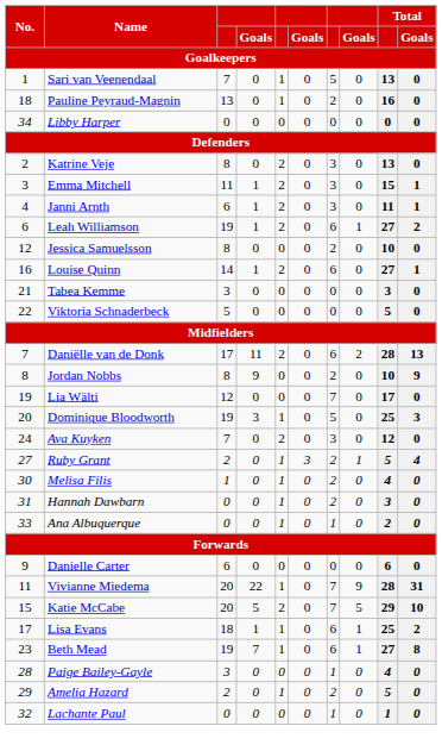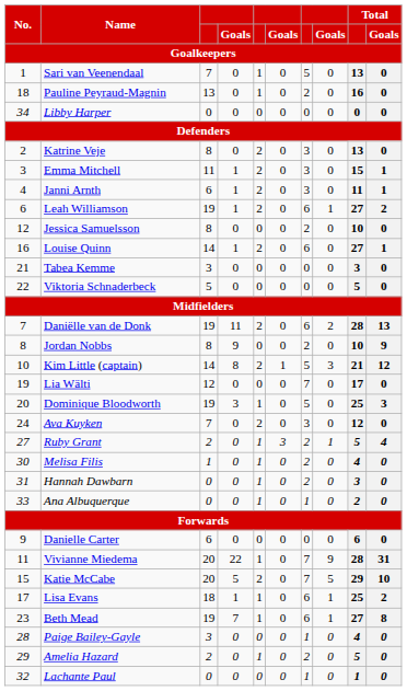 <table class="wikitable" style="text-align:center; font-size:100%; ">
 <tr>
 <th style="background:#d50000; color:white; text-align:center; width:40px" rowspan="2">No.</th>
 <th style="background:#d50000; color:white; text-align:center;width:200px" rowspan="2">Name</th>
 <th style="background:#d50000; color:white; text-align:center;" colspan="2"><a href='#'></a></th>
 <th style="background:#d50000; color:white; text-align:center;" colspan="2"><a href='#'></a></th>
 <th style="background:#d50000; color:white; text-align:center;" colspan="2"><a href='#'></a></th>
 <th style="background:#d50000; color:white; text-align:center;" colspan="2">Total</th>
 </tr>
 <tr>
 <th style="background:#d50000; color:white; text-align:center;width=50px"></th>
 <th style="background:#d50000; color:white; text-align:center;width=50px">Goals</th>
 <th style="background:#d50000; color:white; text-align:center;width=50px"></th>
 <th style="background:#d50000; color:white; text-align:center;width=50px">Goals</th>
 <th style="background:#d50000; color:white; text-align:center;width=50px"></th>
 <th style="background:#d50000; color:white; text-align:center;width=50px">Goals</th>
 <th style="background:#d50000; color:white; text-align:center;width=50px"></th>
 <th style="background:#d50000; color:white; text-align:center;width=50px">Goals</th>
 </tr>
 <tr>
 <th colspan="10" style="background:#d50000; color:white; text-align:center">Goalkeepers</th>
 </tr>
 <tr>
 <td>1</td>
 <td style="text-align: left"> <a href='#'>Sari van Veenendaal</a></td>
 <td>7</td>
 <td>0</td>
 <td>1</td>
 <td>0</td>
 <td>5</td>
 <td>0</td>
 <th>13</th>
 <th>0</th>
 </tr>
 <tr>
 <td>18</td>
 <td style="text-align: left"> <a href='#'>Pauline Peyraud-Magnin</a></td>
 <td>13</td>
 <td>0</td>
 <td>1</td>
 <td>0</td>
 <td>2</td>
 <td>0</td>
 <th>16</th>
 <th>0</th>
 </tr>
 <tr>
 <td><em>34</em></td>
 <td style="text-align: left"> <em><a href='#'>Libby Harper</a></em></td>
 <td>0</td>
 <td>0</td>
 <td>0</td>
 <td>0</td>
 <td>0</td>
 <td>0</td>
 <th>0</th>
 <th>0</th>
 </tr>
 <tr>
 <th colspan="10" style="background:#d50000; color:white; text-align:center">Defenders</th>
 </tr>
 <tr>
 <td>2</td>
 <td style="text-align: left"> <a href='#'>Katrine Veje</a></td>
 <td>8</td>
 <td>0</td>
 <td>2</td>
 <td>0</td>
 <td>3</td>
 <td>0</td>
 <th>13</th>
 <th>0</th>
 </tr>
 <tr>
 <td>3</td>
 <td style="text-align: left"> <a href='#'>Emma Mitchell</a></td>
 <td>11</td>
 <td>1</td>
 <td>2</td>
 <td>0</td>
 <td>3</td>
 <td>0</td>
 <th>15</th>
 <th>1</th>
 </tr>
 <tr>
 <td>4</td>
 <td style="text-align: left"> <a href='#'>Janni Arnth</a></td>
 <td>6</td>
 <td>1</td>
 <td>2</td>
 <td>0</td>
 <td>3</td>
 <td>0</td>
 <th>11</th>
 <th>1</th>
 </tr>
 <tr>
 <td>6</td>
 <td style="text-align: left"> <a href='#'>Leah Williamson</a></td>
 <td>19</td>
 <td>1</td>
 <td>2</td>
 <td>0</td>
 <td>6</td>
 <td>1</td>
 <th>27</th>
 <th>2</th>
 </tr>
 <tr>
 <td>12</td>
 <td style="text-align: left"> <a href='#'>Jessica Samuelsson</a></td>
 <td>8</td>
 <td>0</td>
 <td>0</td>
 <td>0</td>
 <td>2</td>
 <td>0</td>
 <th>10</th>
 <th>0</th>
 </tr>
 <tr>
 <td>16</td>
 <td style="text-align: left"> <a href='#'>Louise Quinn</a></td>
 <td>14</td>
 <td>1</td>
 <td>2</td>
 <td>0</td>
 <td>6</td>
 <td>0</td>
 <th>27</th>
 <th>1</th>
 </tr>
 <tr>
 <td>21</td>
 <td style="text-align: left"> <a href='#'>Tabea Kemme</a></td>
 <td>3</td>
 <td>0</td>
 <td>0</td>
 <td>0</td>
 <td>0</td>
 <td>0</td>
 <th>3</th>
 <th>0</th>
 </tr>
 <tr>
 <td>22</td>
 <td style="text-align: left"> <a href='#'>Viktoria Schnaderbeck</a></td>
 <td>5</td>
 <td>0</td>
 <td>0</td>
 <td>0</td>
 <td>0</td>
 <td>0</td>
 <th>5</th>
 <th>0</th>
 </tr>
 <tr>
 <th colspan="10" style="background:#d50000; color:white; text-align:center">Midfielders</th>
 </tr>
 <tr>
 <td>7</td>
 <td style="text-align: left"> <a href='#'>Daniëlle van de Donk</a></td>
-<td>17</td>
+<td>19</td>
 <td>11</td>
 <td>2</td>
 <td>0</td>
 <td>6</td>
 <td>2</td>
 <th>28</th>
 <th>13</th>
 </tr>
 <tr>
 <td>8</td>
 <td style="text-align: left"> <a href='#'>Jordan Nobbs</a></td>
 <td>8</td>
 <td>9</td>
 <td>0</td>
 <td>0</td>
 <td>2</td>
 <td>0</td>
 <th>10</th>
 <th>9</th>
+</tr>
+<tr>
+<td>10</td>
+<td style="text-align: left"> <a href='#'>Kim Little</a> (<a href='#'>captain</a>)</td>
+<td>14</td>
+<td>8</td>
+<td>2</td>
+<td>1</td>
+<td>5</td>
+<td>3</td>
+<th>21</th>
+<th>12</th>
 </tr>
 <tr>
 <td>19</td>
 <td style="text-align: left"> <a href='#'>Lia Wälti</a></td>
 <td>12</td>
 <td>0</td>
 <td>0</td>
 <td>0</td>
 <td>7</td>
 <td>0</td>
 <th>17</th>
 <th>0</th>
 </tr>
 <tr>
 <td>20</td>
 <td style="text-align: left"> <a href='#'>Dominique Bloodworth</a></td>
 <td>19</td>
 <td>3</td>
 <td>1</td>
 <td>0</td>
 <td>5</td>
 <td>0</td>
 <th>25</th>
 <th>3</th>
 </tr>
 <tr>
 <td>24</td>
 <td style="text-align: left"> <em><a href='#'>Ava Kuyken</a></em></td>
 <td>7</td>
 <td>0</td>
 <td>2</td>
 <td>0</td>
 <td>3</td>
 <td>0</td>
 <th>12</th>
 <th>0</th>
 </tr>
 <tr>
 <td><em>27</em></td>
 <td style="text-align: left"> <em><a href='#'>Ruby Grant</a></em></td>
 <td><em>2</em></td>
 <td><em>0</em></td>
 <td><em>1</em></td>
 <td><em>3</em></td>
 <td><em>2</em></td>
 <td><em>1</em></td>
 <th><em>5</em></th>
 <th><em>4</em></th>
 </tr>
 <tr>
 <td><em>30</em></td>
 <td style="text-align: left"> <em><a href='#'>Melisa Filis</a></em></td>
 <td><em>1</em></td>
 <td><em>0</em></td>
 <td><em>1</em></td>
 <td><em>0</em></td>
 <td><em>2</em></td>
 <td><em>0</em></td>
 <th><em>4</em></th>
 <th><em>0</em></th>
 </tr>
 <tr>
 <td><em>31</em></td>
 <td style="text-align: left"> <em>Hannah Dawbarn</em></td>
 <td><em>0</em></td>
 <td><em>0</em></td>
 <td><em>1</em></td>
 <td><em>0</em></td>
 <td><em>2</em></td>
 <td><em>0</em></td>
 <th><em>3</em></th>
 <th><em>0</em></th>
 </tr>
 <tr>
 <td><em>33</em></td>
 <td style="text-align: left"> <em>Ana Albuquerque</em></td>
 <td><em>0</em></td>
 <td><em>0</em></td>
 <td><em>1</em></td>
 <td><em>0</em></td>
 <td><em>1</em></td>
 <td><em>0</em></td>
 <th><em>2</em></th>
 <th><em>0</em></th>
 </tr>
 <tr>
 <th colspan="10" style="background:#d50000; color:white; text-align:center">Forwards</th>
 </tr>
 <tr>
 <td>9</td>
 <td style="text-align: left"> <a href='#'>Danielle Carter</a></td>
 <td>6</td>
 <td>0</td>
 <td>0</td>
 <td>0</td>
 <td>0</td>
 <td>0</td>
 <th>6</th>
 <th>0</th>
 </tr>
 <tr>
 <td>11</td>
 <td style="text-align: left"> <a href='#'>Vivianne Miedema</a></td>
 <td>20</td>
 <td>22</td>
 <td>1</td>
 <td>0</td>
 <td>7</td>
 <td>9</td>
 <th>28</th>
 <th>31</th>
 </tr>
 <tr>
 <td>15</td>
 <td style="text-align: left"> <a href='#'>Katie McCabe</a></td>
 <td>20</td>
 <td>5</td>
 <td>2</td>
 <td>0</td>
 <td>7</td>
 <td>5</td>
 <th>29</th>
 <th>10</th>
 </tr>
 <tr>
 <td>17</td>
 <td style="text-align: left"> <a href='#'>Lisa Evans</a></td>
 <td>18</td>
 <td>1</td>
 <td>1</td>
 <td>0</td>
 <td>6</td>
 <td>1</td>
 <th>25</th>
 <th>2</th>
 </tr>
 <tr>
 <td>23</td>
 <td style="text-align: left"> <a href='#'>Beth Mead</a></td>
 <td>19</td>
 <td>7</td>
 <td>1</td>
 <td>0</td>
 <td>6</td>
 <td>1</td>
 <th>27</th>
 <th>8</th>
 </tr>
 <tr>
 <td><em>28</em></td>
 <td style="text-align: left"> <em><a href='#'>Paige Bailey-Gayle</a></em></td>
 <td><em>3</em></td>
 <td><em>0</em></td>
 <td><em>0</em></td>
 <td><em>0</em></td>
 <td><em>1</em></td>
 <td><em>0</em></td>
 <th><em>4</em></th>
 <th><em>0</em></th>
 </tr>
 <tr>
 <td><em>29</em></td>
 <td style="text-align: left"> <em><a href='#'>Amelia Hazard</a></em></td>
 <td><em>2</em></td>
 <td><em>0</em></td>
 <td><em>1</em></td>
 <td><em>0</em></td>
 <td><em>2</em></td>
 <td><em>0</em></td>
 <th><em>5</em></th>
 <th><em>0</em></th>
 </tr>
 <tr>
 <td><em>32</em></td>
 <td style="text-align: left"> <em><a href='#'>Lachante Paul</a></em></td>
 <td><em>0</em></td>
 <td><em>0</em></td>
 <td><em>0</em></td>
 <td><em>0</em></td>
 <td><em>1</em></td>
 <td><em>0</em></td>
 <th><em>1</em></th>
 <th><em>0</em></th>
 </tr>
 </table>
